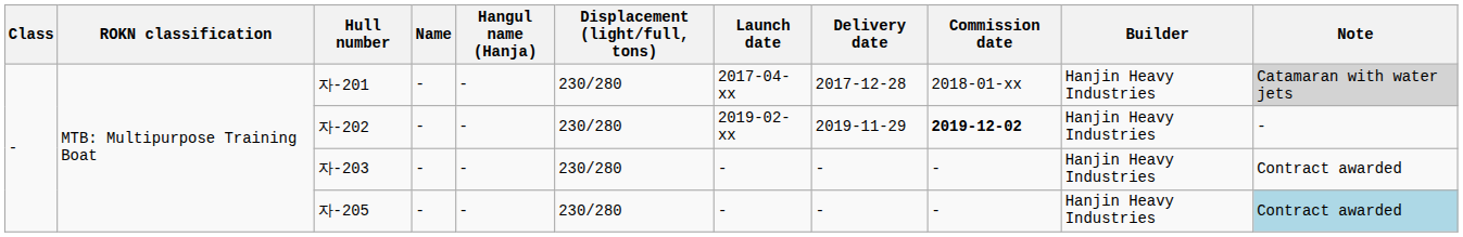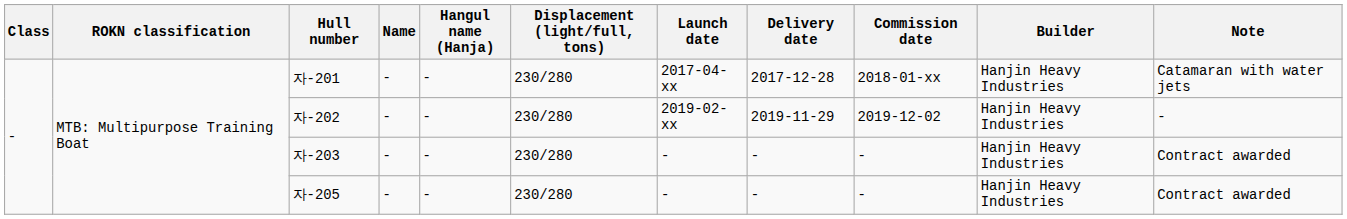 <table class="wikitable">
 <tr>
 <th>Class</th>
 <th>ROKN classification</th>
 <th>Hull number</th>
 <th>Name</th>
 <th>Hangul name<br>(Hanja)</th>
 <th>Displacement<br>(light/full, tons)</th>
 <th>Launch date</th>
 <th>Delivery date</th>
 <th>Commission date</th>
 <th>Builder</th>
 <th>Note</th>
 </tr>
 <tr>
 <td rowspan="4">-</td>
 <td rowspan="4">MTB: Multipurpose Training Boat</td>
 <td>자-201</td>
 <td>-</td>
 <td>-</td>
 <td>230/280</td>
 <td>2017-04-xx</td>
 <td>2017-12-28</td>
 <td>2018-01-xx</td>
 <td>Hanjin Heavy Industries</td>
-<td style="background: lightgrey;">Catamaran with water jets</td>
+<td>Catamaran with water jets</td>
 </tr>
 <tr>
 <td>자-202</td>
 <td>-</td>
 <td>-</td>
 <td>230/280</td>
 <td>2019-02-xx</td>
 <td>2019-11-29</td>
-<td><strong>2019-12-02</strong></td>
+<td>2019-12-02</td>
 <td>Hanjin Heavy Industries</td>
 <td>-</td>
 </tr>
 <tr>
 <td>자-203</td>
 <td>-</td>
 <td>-</td>
 <td>230/280</td>
 <td>-</td>
 <td>-</td>
 <td>-</td>
 <td>Hanjin Heavy Industries</td>
 <td>Contract awarded</td>
 </tr>
 <tr>
 <td>자-205</td>
 <td>-</td>
 <td>-</td>
 <td>230/280</td>
 <td>-</td>
 <td>-</td>
 <td>-</td>
 <td>Hanjin Heavy Industries</td>
-<td style="background: lightblue;">Contract awarded</td>
+<td>Contract awarded</td>
 </tr>
 </table>
